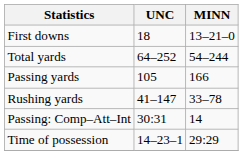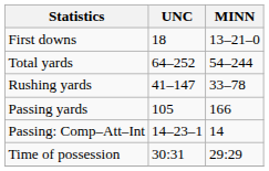 <table class="wikitable" style="float: left;">
 <tr>
 <th>Statistics</th>
 <th>UNC</th>
 <th>MINN</th>
 </tr>
 <tr>
 <td>First downs</td>
 <td>18</td>
 <td>13–21–0</td>
 </tr>
 <tr>
 <td>Total yards</td>
 <td>64–252</td>
 <td>54–244</td>
 </tr>
 <tr>
+<td>Rushing yards</td>
+<td>41–147</td>
+<td>33–78</td>
+</tr>
+<tr>
 <td>Passing yards</td>
 <td>105</td>
 <td>166</td>
 </tr>
 <tr>
-<td>Rushing yards</td>
-<td>41–147</td>
-<td>33–78</td>
-</tr>
-<tr>
 <td>Passing: Comp–Att–Int</td>
-<td>30:31</td>
+<td>14–23–1</td>
 <td>14</td>
 </tr>
 <tr>
 <td>Time of possession</td>
-<td>14–23–1</td>
+<td>30:31</td>
 <td>29:29</td>
 </tr>
 <tr>
 </tr>
 </table>
